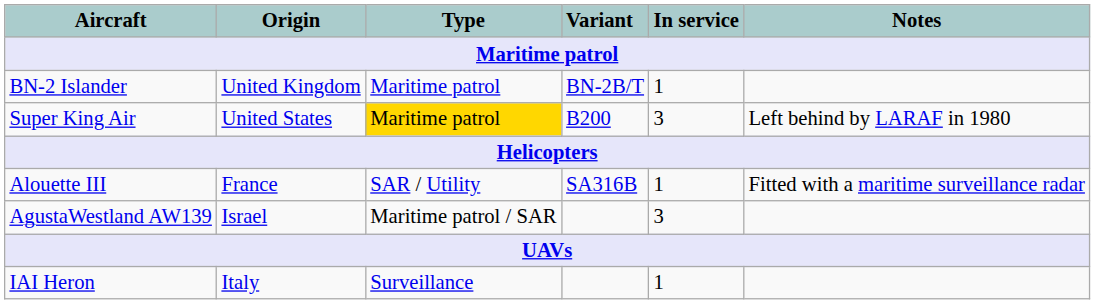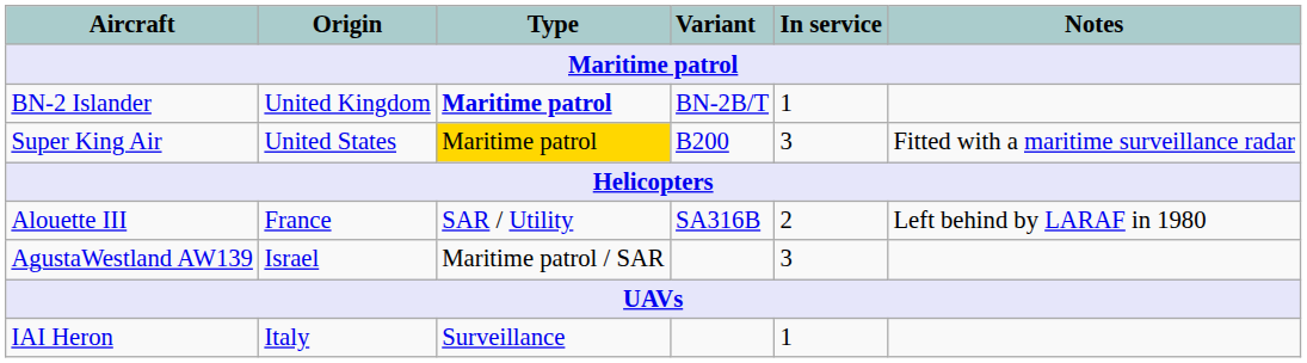 <table class="wikitable">
 <tr>
 <th style="text-align:center; background:#acc;">Aircraft</th>
 <th style="text-align: center; background:#acc;">Origin</th>
 <th style="text-align:l center; background:#acc;">Type</th>
 <th style="text-align:left; background:#acc;">Variant</th>
 <th style="text-align:center; background:#acc;">In service</th>
 <th style="text-align: center; background:#acc;">Notes</th>
 </tr>
 <tr>
 <th style="align: center; background: lavender;" colspan="7"><a href='#'>Maritime patrol</a></th>
 </tr>
 <tr>
 <td><a href='#'>BN-2 Islander</a></td>
 <td><a href='#'>United Kingdom</a></td>
-<td><a href='#'>Maritime patrol</a></td>
+<td><strong><a href='#'>Maritime patrol</a></strong></td>
 <td><a href='#'>BN-2B/T</a></td>
 <td>1</td>
 <td></td>
 </tr>
 <tr>
 <td><a href='#'>Super King Air</a></td>
 <td><a href='#'>United States</a></td>
 <td style="background: gold;">Maritime patrol</td>
 <td><a href='#'>B200</a></td>
 <td>3</td>
-<td>Left behind by <a href='#'>LARAF</a> in 1980</td>
+<td>Fitted with a <a href='#'>maritime surveillance radar</a></td>
 </tr>
 <tr>
 <th style="align: center; background: lavender;" colspan="7"><a href='#'>Helicopters</a></th>
 </tr>
 <tr>
 <td><a href='#'>Alouette III</a></td>
 <td><a href='#'>France</a></td>
 <td><a href='#'>SAR</a> / <a href='#'>Utility</a></td>
 <td><a href='#'>SA316B</a></td>
-<td>1</td>
-<td>Fitted with a <a href='#'>maritime surveillance radar</a></td>
+<td>2</td>
+<td>Left behind by <a href='#'>LARAF</a> in 1980</td>
 </tr>
 <tr>
 <td><a href='#'>AgustaWestland AW139</a></td>
 <td><a href='#'>Israel</a></td>
 <td>Maritime patrol / SAR</td>
 <td></td>
 <td>3</td>
 <td></td>
 </tr>
 <tr>
 <th style="align: center; background: lavender;" colspan="7"><a href='#'>UAVs</a></th>
 </tr>
 <tr>
 <td><a href='#'>IAI Heron</a></td>
 <td><a href='#'>Italy</a></td>
 <td><a href='#'>Surveillance</a></td>
 <td></td>
 <td>1</td>
 <td></td>
 </tr>
 </table>
